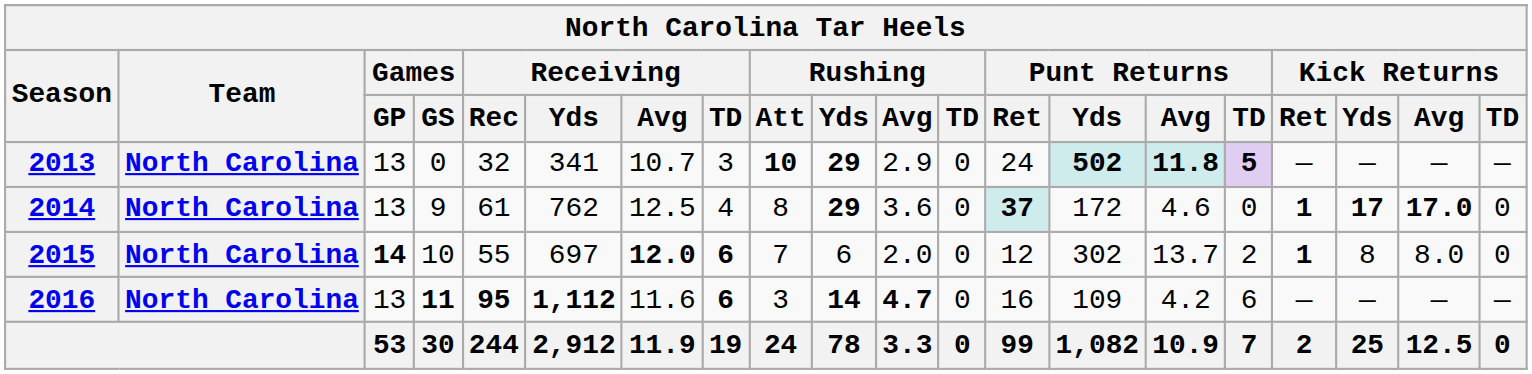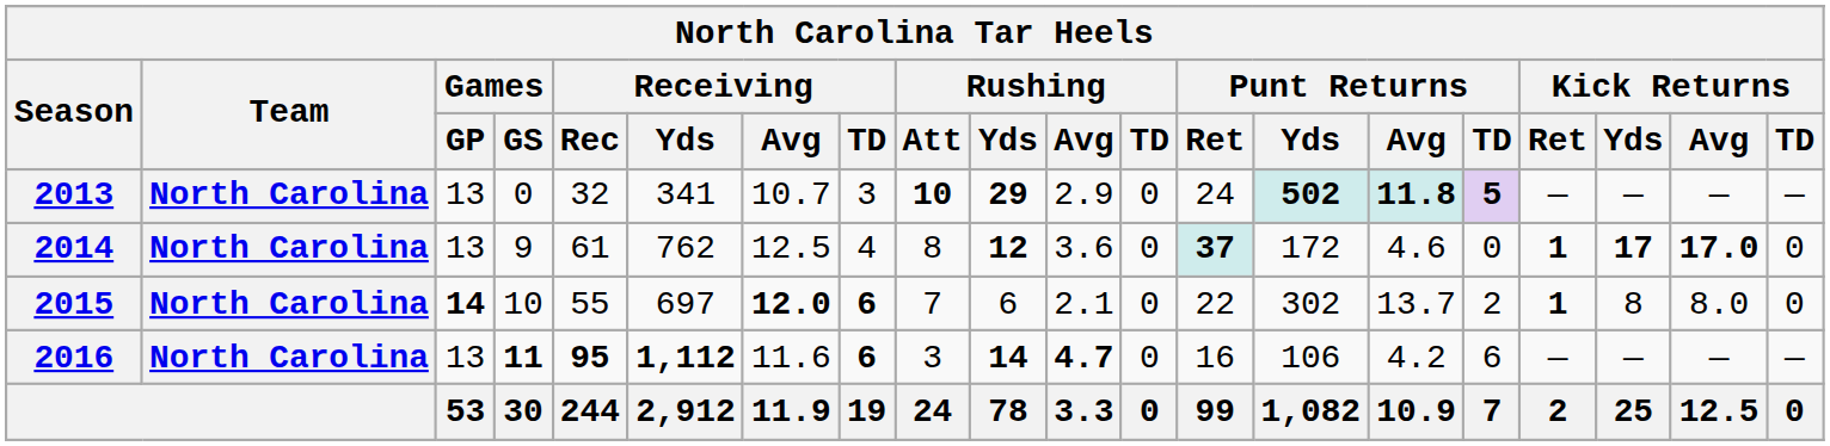 <table class="wikitable" style="text-align:center;">
 <tr College statistics>
 </tr>
 <tr>
 <th colspan="20">North Carolina Tar Heels</th>
 </tr>
 <tr>
 <th rowspan="2">Season</th>
 <th rowspan="2">Team</th>
 <th colspan="2">Games</th>
 <th colspan="4">Receiving</th>
 <th colspan="4">Rushing</th>
 <th colspan="4">Punt Returns</th>
 <th colspan="4">Kick Returns</th>
 </tr>
 <tr>
 <th>GP</th>
 <th>GS</th>
 <th>Rec</th>
 <th>Yds</th>
 <th>Avg</th>
 <th>TD</th>
 <th>Att</th>
 <th>Yds</th>
 <th>Avg</th>
 <th>TD</th>
 <th>Ret</th>
 <th>Yds</th>
 <th>Avg</th>
 <th>TD</th>
 <th>Ret</th>
 <th>Yds</th>
 <th>Avg</th>
 <th>TD</th>
 </tr>
 <tr>
 <th><a href='#'>2013</a></th>
 <th><a href='#'>North Carolina</a></th>
 <td>13</td>
 <td>0</td>
 <td>32</td>
 <td>341</td>
 <td>10.7</td>
 <td>3</td>
 <td><strong>10</strong></td>
 <td><strong>29</strong></td>
 <td>2.9</td>
 <td>0</td>
 <td>24</td>
 <td style="background:#cfecec;"><strong>502</strong></td>
 <td style="background:#cfecec;"><strong>11.8</strong></td>
 <td style="background:#e0cef2;"><strong>5</strong></td>
 <td>—</td>
 <td>—</td>
 <td>—</td>
 <td>—</td>
 </tr>
 <tr>
 <th><a href='#'>2014</a></th>
 <th><a href='#'>North Carolina</a></th>
 <td>13</td>
 <td>9</td>
 <td>61</td>
 <td>762</td>
 <td>12.5</td>
 <td>4</td>
 <td>8</td>
-<td><strong>29</strong></td>
+<td><strong>12</strong></td>
 <td>3.6</td>
 <td>0</td>
 <td style="background:#cfecec;"><strong>37</strong></td>
 <td>172</td>
 <td>4.6</td>
 <td>0</td>
 <td><strong>1</strong></td>
 <td><strong>17</strong></td>
 <td><strong>17.0</strong></td>
 <td>0</td>
 </tr>
 <tr>
 <th><a href='#'>2015</a></th>
 <th><a href='#'>North Carolina</a></th>
 <td><strong>14</strong></td>
 <td>10</td>
 <td>55</td>
 <td>697</td>
 <td><strong>12.0</strong></td>
 <td><strong>6</strong></td>
 <td>7</td>
 <td>6</td>
-<td>2.0</td>
+<td>2.1</td>
 <td>0</td>
-<td>12</td>
+<td>22</td>
 <td>302</td>
 <td>13.7</td>
 <td>2</td>
 <td><strong>1</strong></td>
 <td>8</td>
 <td>8.0</td>
 <td>0</td>
 </tr>
 <tr>
 <th><a href='#'>2016</a></th>
 <th><a href='#'>North Carolina</a></th>
 <td>13</td>
 <td><strong>11</strong></td>
 <td><strong>95</strong></td>
 <td><strong>1,112</strong></td>
 <td>11.6</td>
 <td><strong>6</strong></td>
 <td>3</td>
 <td><strong>14</strong></td>
 <td><strong>4.7</strong></td>
 <td>0</td>
 <td>16</td>
-<td>109</td>
+<td>106</td>
 <td>4.2</td>
 <td>6</td>
 <td>—</td>
 <td>—</td>
 <td>—</td>
 <td>—</td>
 </tr>
 <tr>
 <th colspan="2"></th>
 <th>53</th>
 <th>30</th>
 <th>244</th>
 <th>2,912</th>
 <th>11.9</th>
 <th>19</th>
 <th>24</th>
 <th>78</th>
 <th>3.3</th>
 <th>0</th>
 <th>99</th>
 <th>1,082</th>
 <th>10.9</th>
 <th>7</th>
 <th>2</th>
 <th>25</th>
 <th>12.5</th>
 <th>0</th>
 </tr>
 </table>
